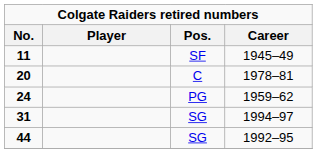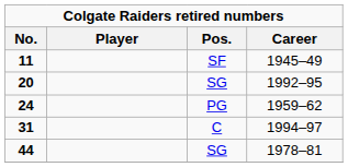 <table class="wikitable sortable" style="text-align:center">
 <tr>
 <td colspan="5"><strong>Colgate Raiders retired numbers</strong></td>
 </tr>
 <tr>
 <th style="width:40px; ">No.</th>
 <th style="width:150px; ">Player</th>
 <th style="width:60px; ">Pos.</th>
 <th style="width:100px; ">Career</th>
 </tr>
 <tr>
 <td><strong>11</strong></td>
 <td></td>
 <td><a href='#'>SF</a></td>
 <td>1945–49</td>
 </tr>
 <tr>
 <td><strong>20</strong></td>
 <td></td>
-<td><a href='#'>C</a></td>
-<td>1978–81</td>
+<td><a href='#'>SG</a></td>
+<td>1992–95</td>
 </tr>
 <tr>
 <td><strong>24</strong></td>
 <td></td>
 <td><a href='#'>PG</a></td>
 <td>1959–62</td>
 </tr>
 <tr>
 <td><strong>31</strong></td>
 <td></td>
-<td><a href='#'>SG</a></td>
+<td><a href='#'>C</a></td>
 <td>1994–97</td>
 </tr>
 <tr>
 <td><strong>44</strong></td>
 <td></td>
 <td><a href='#'>SG</a></td>
-<td>1992–95</td>
+<td>1978–81</td>
 </tr>
 <tr>
 </tr>
 </table>
